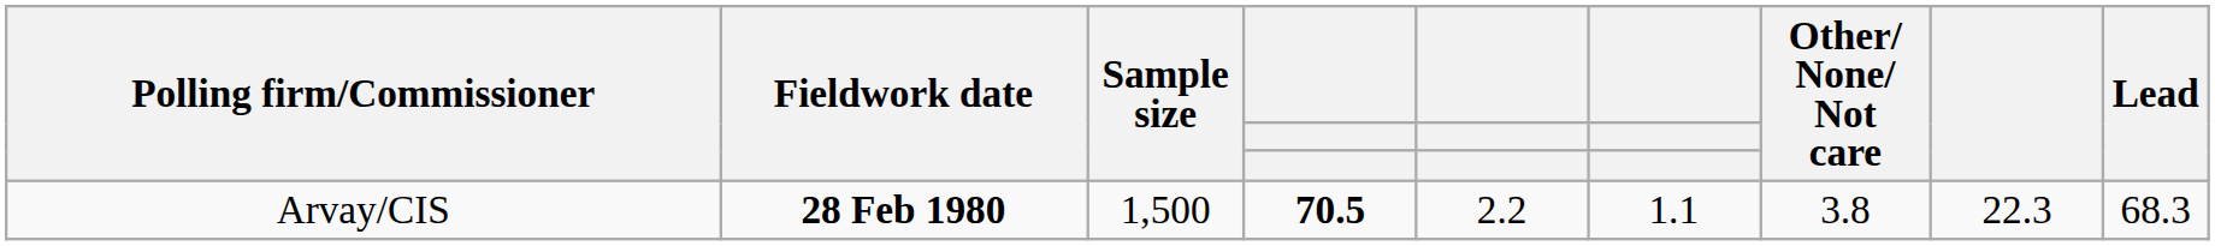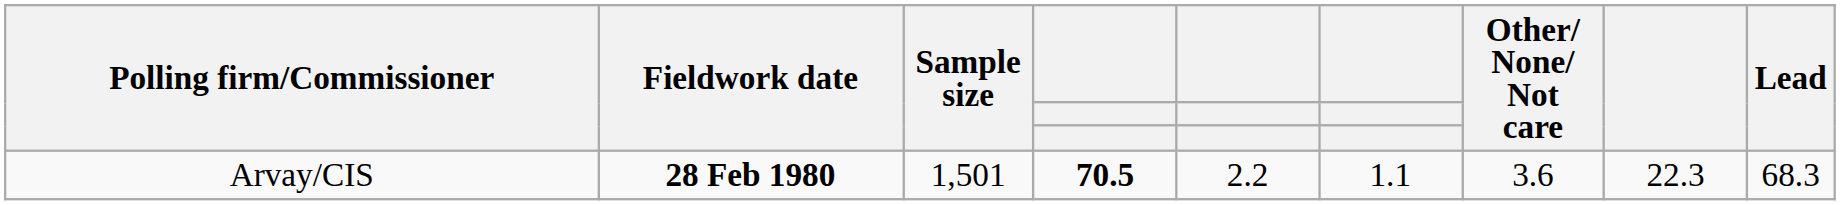 <table class="wikitable collapsible collapsed" style="text-align:center; font-size:90%; line-height:14px;">
 <tr style="height:42px;">
 <th style="width:250px;" rowspan="3">Polling firm/Commissioner</th>
 <th style="width:125px;" rowspan="3">Fieldwork date</th>
 <th style="width:50px;" rowspan="3">Sample size</th>
 <th style="width:55px;"></th>
 <th style="width:55px;"></th>
 <th style="width:55px;"></th>
 <th style="width:55px;" rowspan="3">Other/<br>None/<br>Not<br>care</th>
 <th style="width:55px;" rowspan="3"></th>
 <th style="width:30px;" rowspan="3">Lead</th>
 </tr>
 <tr>
 <th style="color:inherit;background:"></th>
 <th style="color:inherit;background:"></th>
 <th style="color:inherit;background:"></th>
 </tr>
 <tr>
 <th></th>
 <th></th>
 <th></th>
 </tr>
 <tr>
 <td>Arvay/CIS</td>
 <td><strong>28 Feb 1980</strong></td>
-<td>1,500</td>
+<td>1,501</td>
 <td><strong>70.5</strong></td>
 <td>2.2</td>
 <td>1.1</td>
-<td>3.8</td>
+<td>3.6</td>
 <td>22.3</td>
 <td style="background:">68.3</td>
 </tr>
 </table>
